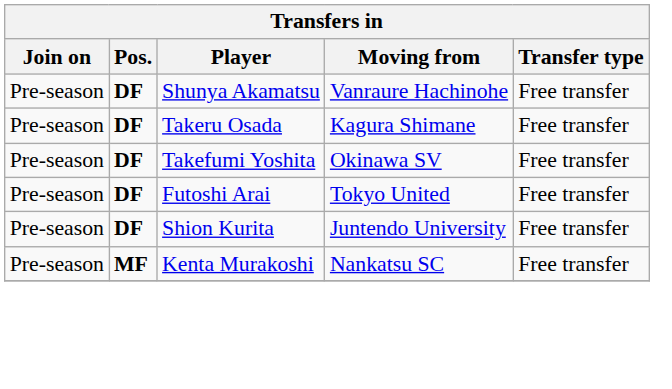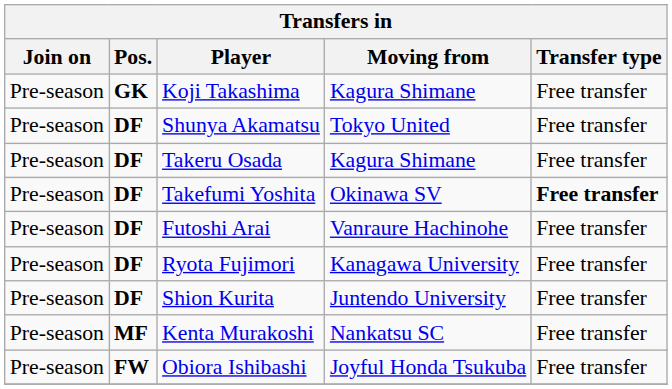 <table class="wikitable sortable" style=“text-align:left;>
 <tr>
 <th colspan="5">Transfers in</th>
 </tr>
 <tr>
 <th>Join on</th>
 <th>Pos.</th>
 <th>Player</th>
 <th>Moving from</th>
 <th>Transfer type</th>
 </tr>
 <tr>
 <td>Pre-season</td>
+<td><strong>GK</strong></td>
+<td> <a href='#'>Koji Takashima</a></td>
+<td> <a href='#'>Kagura Shimane</a></td>
+<td>Free transfer</td>
+</tr>
+<tr>
+<td>Pre-season</td>
 <td><strong>DF</strong></td>
 <td> <a href='#'>Shunya Akamatsu</a></td>
-<td> <a href='#'>Vanraure Hachinohe</a></td>
+<td> <a href='#'>Tokyo United</a></td>
 <td>Free transfer</td>
 </tr>
 <tr>
 <td>Pre-season</td>
 <td><strong>DF</strong></td>
 <td> <a href='#'>Takeru Osada</a></td>
 <td> <a href='#'>Kagura Shimane</a></td>
 <td>Free transfer</td>
 </tr>
 <tr>
 <td>Pre-season</td>
 <td><strong>DF</strong></td>
 <td> <a href='#'>Takefumi Yoshita</a></td>
 <td> <a href='#'>Okinawa SV</a></td>
+<td><strong>Free transfer</strong></td>
+</tr>
+<tr>
+<td>Pre-season</td>
+<td><strong>DF</strong></td>
+<td> <a href='#'>Futoshi Arai</a></td>
+<td> <a href='#'>Vanraure Hachinohe</a></td>
 <td>Free transfer</td>
 </tr>
 <tr>
 <td>Pre-season</td>
 <td><strong>DF</strong></td>
-<td> <a href='#'>Futoshi Arai</a></td>
-<td> <a href='#'>Tokyo United</a></td>
+<td> <a href='#'>Ryota Fujimori</a></td>
+<td> <a href='#'>Kanagawa University</a></td>
 <td>Free transfer</td>
 </tr>
 <tr>
 <td>Pre-season</td>
 <td><strong>DF</strong></td>
 <td> <a href='#'>Shion Kurita</a></td>
 <td> <a href='#'>Juntendo University</a></td>
 <td>Free transfer</td>
 </tr>
 <tr>
 <td>Pre-season</td>
 <td><strong>MF</strong></td>
 <td> <a href='#'>Kenta Murakoshi</a></td>
 <td> <a href='#'>Nankatsu SC</a></td>
 <td>Free transfer</td>
 </tr>
 <tr>
+<td>Pre-season</td>
+<td><strong>FW</strong></td>
+<td> <a href='#'>Obiora Ishibashi</a></td>
+<td> <a href='#'>Joyful Honda Tsukuba</a></td>
+<td>Free transfer</td>
+</tr>
+<tr>
 </tr>
 </table>
